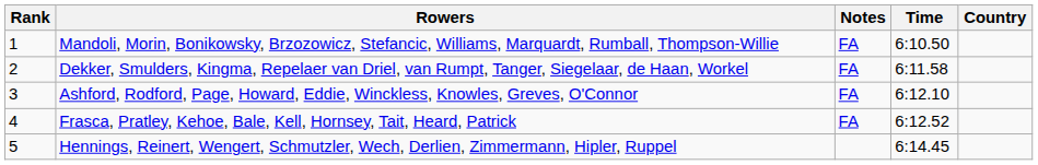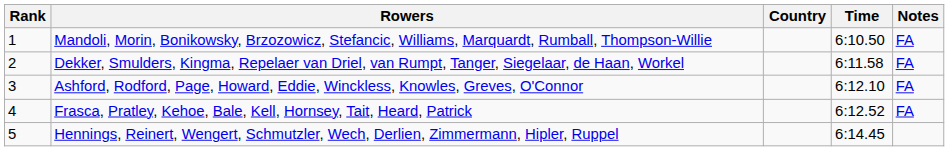 <table class="wikitable" width=80%>
 <tr>
 <th>Rank</th>
 <th>Rowers</th>
+<th>Country</th>
+<th>Time</th>
 <th>Notes</th>
-<th>Time</th>
-<th>Country</th>
 </tr>
 <tr>
 <td>1</td>
 <td><a href='#'>Mandoli</a>, <a href='#'>Morin</a>, <a href='#'>Bonikowsky</a>, <a href='#'>Brzozowicz</a>, <a href='#'>Stefancic</a>, <a href='#'>Williams</a>, <a href='#'>Marquardt</a>, <a href='#'>Rumball</a>, <a href='#'>Thompson-Willie</a></td>
+<td></td>
+<td>6:10.50</td>
 <td><a href='#'>FA</a></td>
-<td>6:10.50</td>
-<td></td>
 </tr>
 <tr>
 <td>2</td>
 <td><a href='#'>Dekker</a>, <a href='#'>Smulders</a>, <a href='#'>Kingma</a>, <a href='#'>Repelaer van Driel</a>, <a href='#'>van Rumpt</a>, <a href='#'>Tanger</a>, <a href='#'>Siegelaar</a>, <a href='#'>de Haan</a>,  <a href='#'>Workel</a></td>
+<td></td>
+<td>6:11.58</td>
 <td><a href='#'>FA</a></td>
-<td>6:11.58</td>
-<td></td>
 </tr>
 <tr>
 <td>3</td>
 <td><a href='#'>Ashford</a>, <a href='#'>Rodford</a>, <a href='#'>Page</a>, <a href='#'>Howard</a>, <a href='#'>Eddie</a>, <a href='#'>Winckless</a>, <a href='#'>Knowles</a>, <a href='#'>Greves</a>, <a href='#'>O'Connor</a></td>
+<td></td>
+<td>6:12.10</td>
 <td><a href='#'>FA</a></td>
-<td>6:12.10</td>
-<td></td>
 </tr>
 <tr>
 <td>4</td>
 <td><a href='#'>Frasca</a>, <a href='#'>Pratley</a>, <a href='#'>Kehoe</a>, <a href='#'>Bale</a>, <a href='#'>Kell</a>, <a href='#'>Hornsey</a>, <a href='#'>Tait</a>, <a href='#'>Heard</a>, <a href='#'>Patrick</a></td>
+<td></td>
+<td>6:12.52</td>
 <td><a href='#'>FA</a></td>
-<td>6:12.52</td>
-<td></td>
 </tr>
 <tr>
 <td>5</td>
 <td><a href='#'>Hennings</a>, <a href='#'>Reinert</a>, <a href='#'>Wengert</a>, <a href='#'>Schmutzler</a>, <a href='#'>Wech</a>, <a href='#'>Derlien</a>, <a href='#'>Zimmermann</a>, <a href='#'>Hipler</a>, <a href='#'>Ruppel</a></td>
 <td></td>
 <td>6:14.45</td>
 <td></td>
 </tr>
 </table>
